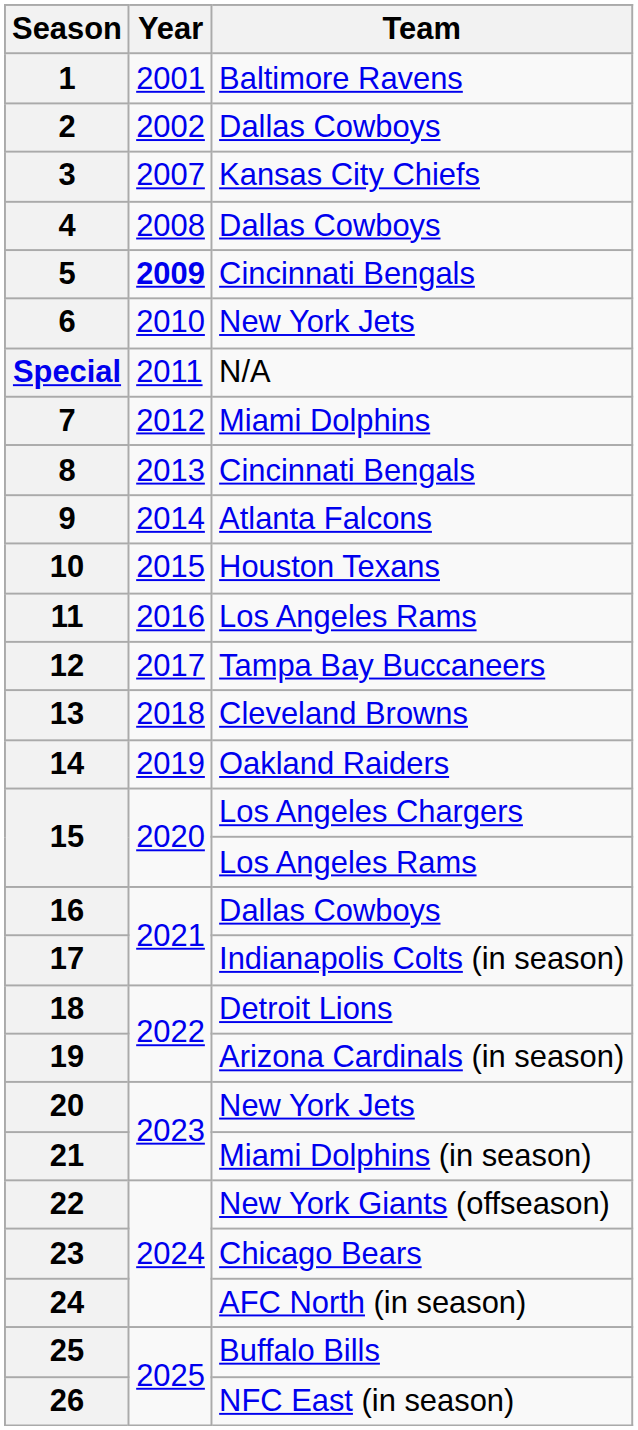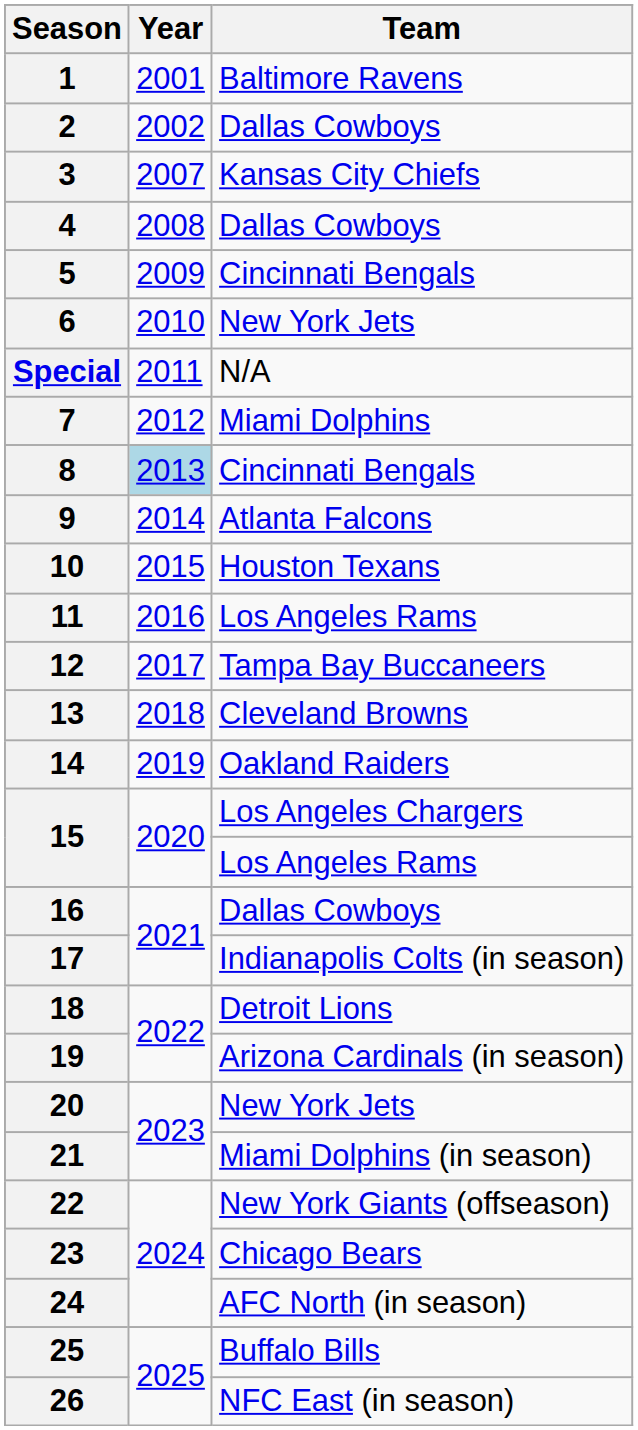 <table class="wikitable">
 <tr>
 <th>Season</th>
 <th>Year</th>
 <th>Team</th>
 </tr>
 <tr>
 <th>1</th>
 <td><a href='#'>2001</a></td>
 <td><a href='#'>Baltimore Ravens</a></td>
 </tr>
 <tr>
 <th>2</th>
 <td><a href='#'>2002</a></td>
 <td><a href='#'>Dallas Cowboys</a></td>
 </tr>
 <tr>
 <th>3</th>
 <td><a href='#'>2007</a></td>
 <td><a href='#'>Kansas City Chiefs</a></td>
 </tr>
 <tr>
 <th>4</th>
 <td><a href='#'>2008</a></td>
 <td><a href='#'>Dallas Cowboys</a></td>
 </tr>
 <tr>
 <th>5</th>
-<td><strong><a href='#'>2009</a></strong></td>
+<td><a href='#'>2009</a></td>
 <td><a href='#'>Cincinnati Bengals</a></td>
 </tr>
 <tr>
 <th>6</th>
 <td><a href='#'>2010</a></td>
 <td><a href='#'>New York Jets</a></td>
 </tr>
 <tr>
 <th><a href='#'>Special</a></th>
 <td><a href='#'>2011</a></td>
 <td>N/A</td>
 </tr>
 <tr>
 <th>7</th>
 <td><a href='#'>2012</a></td>
 <td><a href='#'>Miami Dolphins</a></td>
 </tr>
 <tr>
 <th>8</th>
-<td><a href='#'>2013</a></td>
+<td style="background: lightblue;"><a href='#'>2013</a></td>
 <td><a href='#'>Cincinnati Bengals</a></td>
 </tr>
 <tr>
 <th>9</th>
 <td><a href='#'>2014</a></td>
 <td><a href='#'>Atlanta Falcons</a></td>
 </tr>
 <tr>
 <th>10</th>
 <td><a href='#'>2015</a></td>
 <td><a href='#'>Houston Texans</a></td>
 </tr>
 <tr>
 <th>11</th>
 <td><a href='#'>2016</a></td>
 <td><a href='#'>Los Angeles Rams</a></td>
 </tr>
 <tr>
 <th>12</th>
 <td><a href='#'>2017</a></td>
 <td><a href='#'>Tampa Bay Buccaneers</a></td>
 </tr>
 <tr>
 <th>13</th>
 <td><a href='#'>2018</a></td>
 <td><a href='#'>Cleveland Browns</a></td>
 </tr>
 <tr>
 <th>14</th>
 <td><a href='#'>2019</a></td>
 <td><a href='#'>Oakland Raiders</a></td>
 </tr>
 <tr>
 <th rowspan="2">15</th>
 <td rowspan="2"><a href='#'>2020</a></td>
 <td><a href='#'>Los Angeles Chargers</a></td>
 </tr>
 <tr>
 <td><a href='#'>Los Angeles Rams</a></td>
 </tr>
 <tr>
 <th>16</th>
 <td rowspan="2"><a href='#'>2021</a></td>
 <td><a href='#'>Dallas Cowboys</a></td>
 </tr>
 <tr>
 <th>17</th>
 <td><a href='#'>Indianapolis Colts</a> (in season)</td>
 </tr>
 <tr>
 <th>18</th>
 <td rowspan="2"><a href='#'>2022</a></td>
 <td><a href='#'>Detroit Lions</a></td>
 </tr>
 <tr>
 <th>19</th>
 <td><a href='#'>Arizona Cardinals</a> (in season)</td>
 </tr>
 <tr>
 <th>20</th>
 <td rowspan="2"><a href='#'>2023</a></td>
 <td><a href='#'>New York Jets</a></td>
 </tr>
 <tr>
 <th>21</th>
 <td><a href='#'>Miami Dolphins</a> (in season)</td>
 </tr>
 <tr>
 <th>22</th>
 <td rowspan="3"><a href='#'>2024</a></td>
 <td><a href='#'>New York Giants</a> (offseason)</td>
 </tr>
 <tr>
 <th>23</th>
 <td><a href='#'>Chicago Bears</a></td>
 </tr>
 <tr>
 <th>24</th>
 <td><a href='#'>AFC North</a> (in season)</td>
 </tr>
 <tr>
 <th>25</th>
 <td rowspan="3"><a href='#'>2025</a></td>
 <td><a href='#'>Buffalo Bills</a></td>
 </tr>
 <tr>
 <th>26</th>
 <td><a href='#'>NFC East</a> (in season)</td>
 </tr>
 </table>
